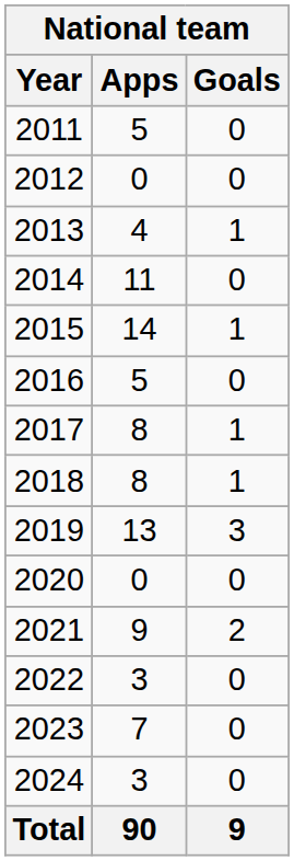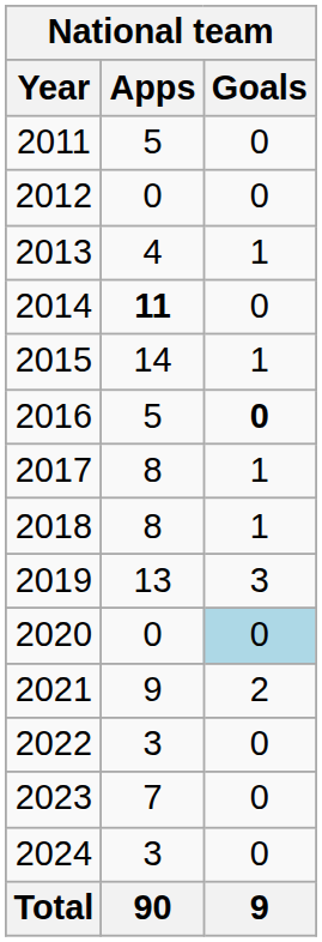 <table class="wikitable" style="text-align:center">
 <tr>
 <th colspan=3>National team</th>
 </tr>
 <tr>
 <th>Year</th>
 <th>Apps</th>
 <th>Goals</th>
 </tr>
 <tr>
 <td>2011</td>
 <td>5</td>
 <td>0</td>
 </tr>
 <tr>
 <td>2012</td>
 <td>0</td>
 <td>0</td>
 </tr>
 <tr>
 <td>2013</td>
 <td>4</td>
 <td>1</td>
 </tr>
 <tr>
 <td>2014</td>
-<td>11</td>
+<td><strong>11</strong></td>
 <td>0</td>
 </tr>
 <tr>
 <td>2015</td>
 <td>14</td>
 <td>1</td>
 </tr>
 <tr>
 <td>2016</td>
 <td>5</td>
-<td>0</td>
+<td><strong>0</strong></td>
 </tr>
 <tr>
 <td>2017</td>
 <td>8</td>
 <td>1</td>
 </tr>
 <tr>
 <td>2018</td>
 <td>8</td>
 <td>1</td>
 </tr>
 <tr>
 <td>2019</td>
 <td>13</td>
 <td>3</td>
 </tr>
 <tr>
 <td>2020</td>
 <td>0</td>
-<td>0</td>
+<td style="background: lightblue;">0</td>
 </tr>
 <tr>
 <td>2021</td>
 <td>9</td>
 <td>2</td>
 </tr>
 <tr>
 <td>2022</td>
 <td>3</td>
 <td>0</td>
 </tr>
 <tr>
 <td>2023</td>
 <td>7</td>
 <td>0</td>
 </tr>
 <tr>
 <td>2024</td>
 <td>3</td>
 <td>0</td>
 </tr>
 <tr>
 <th>Total</th>
 <th>90</th>
 <th>9</th>
 </tr>
 </table>
